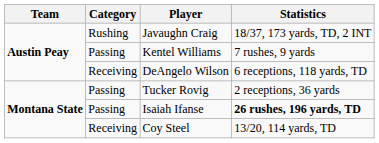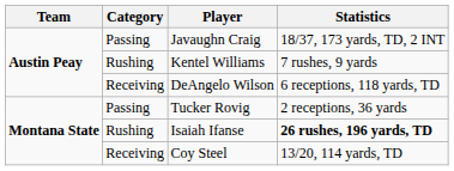 <table class="wikitable" style="float: left;">
 <tr>
 <th>Team</th>
 <th>Category</th>
 <th>Player</th>
 <th>Statistics</th>
 </tr>
 <tr>
 <td rowspan=3><strong>Austin Peay</strong></td>
-<td>Rushing</td>
+<td>Passing</td>
 <td>Javaughn Craig</td>
 <td>18/37, 173 yards, TD, 2 INT</td>
 </tr>
 <tr>
-<td>Passing</td>
+<td>Rushing</td>
 <td>Kentel Williams</td>
 <td>7 rushes, 9 yards</td>
 </tr>
 <tr>
 <td>Receiving</td>
 <td>DeAngelo Wilson</td>
 <td>6 receptions, 118 yards, TD</td>
 </tr>
 <tr>
 <td rowspan=3><strong>Montana State</strong></td>
 <td>Passing</td>
 <td>Tucker Rovig</td>
 <td>2 receptions, 36 yards</td>
 </tr>
 <tr>
-<td>Passing</td>
+<td>Rushing</td>
 <td>Isaiah Ifanse</td>
 <td><strong>26 rushes, 196 yards, TD</strong></td>
 </tr>
 <tr>
 <td>Receiving</td>
 <td>Coy Steel</td>
 <td>13/20, 114 yards, TD</td>
 </tr>
 </table>
